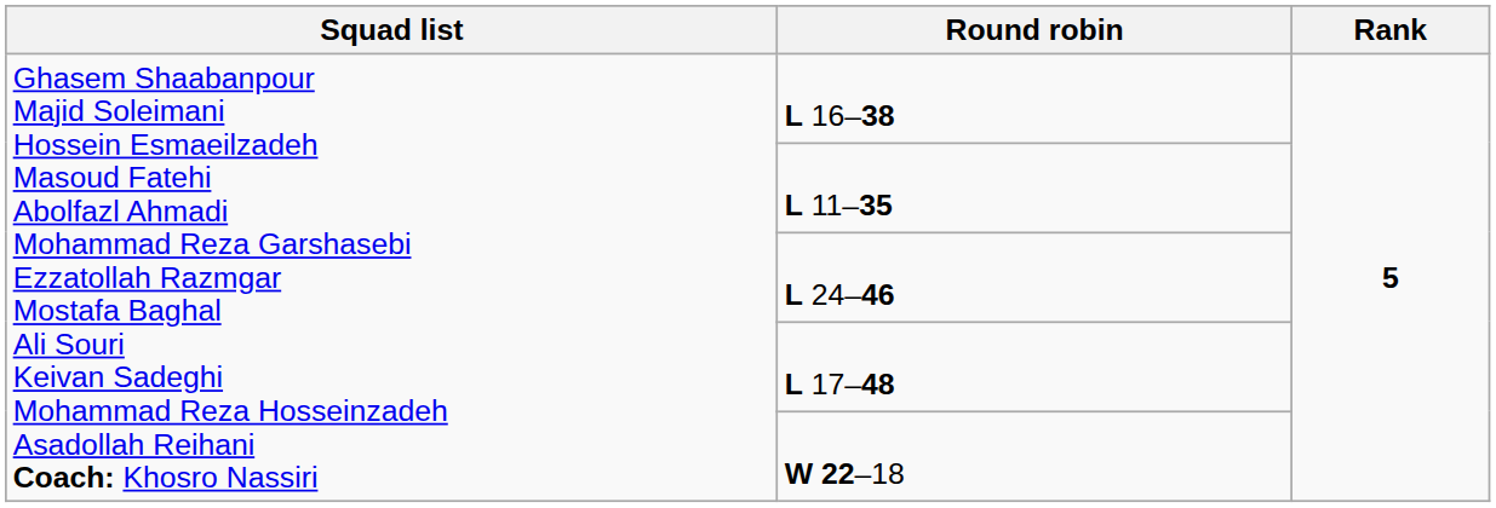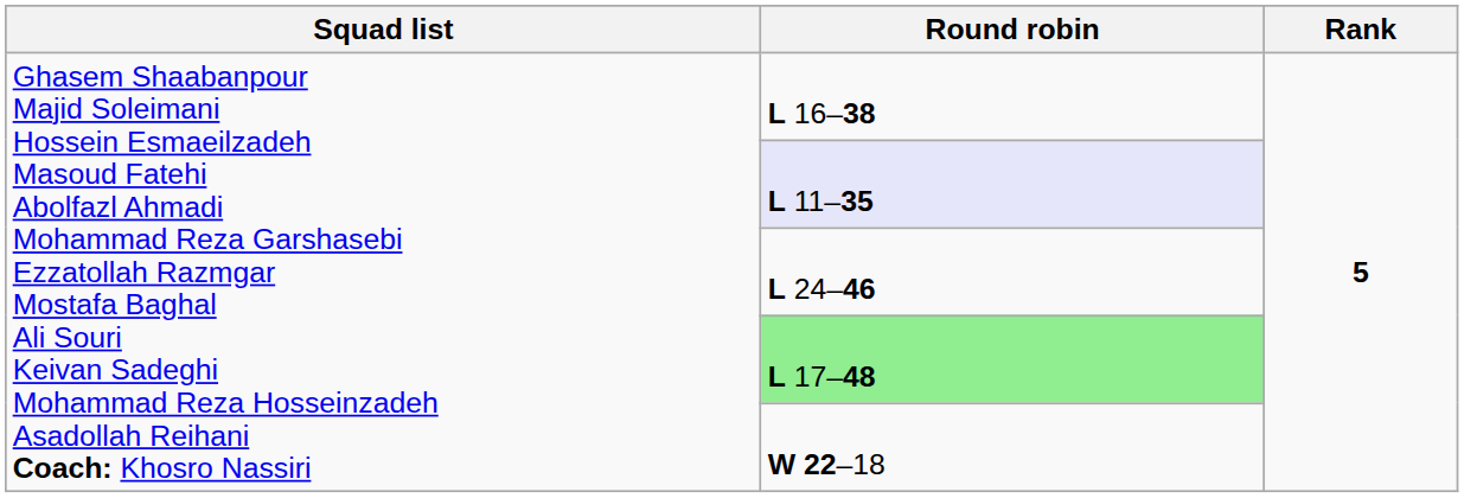 <table class="wikitable" width="45%" style="text-align:left; font-size:90%">
 <tr>
 <th width="21%">Squad list</th>
 <th width="14%">Round robin</th>
 <th width="5%">Rank</th>
 </tr>
 <tr>
 <td rowspan="5"><a href='#'>Ghasem Shaabanpour</a><br> <a href='#'>Majid Soleimani</a><br> <a href='#'>Hossein Esmaeilzadeh</a><br> <a href='#'>Masoud Fatehi</a><br> <a href='#'>Abolfazl Ahmadi</a><br> <a href='#'>Mohammad Reza Garshasebi</a><br> <a href='#'>Ezzatollah Razmgar</a><br> <a href='#'>Mostafa Baghal</a><br> <a href='#'>Ali Souri</a><br> <a href='#'>Keivan Sadeghi</a><br> <a href='#'>Mohammad Reza Hosseinzadeh</a><br> <a href='#'>Asadollah Reihani</a><br> <strong>Coach:</strong> <a href='#'>Khosro Nassiri</a></td>
 <td><br><strong>L</strong> 16–<strong>38</strong></td>
 <td rowspan="5" align=center><strong>5</strong></td>
 </tr>
 <tr>
-<td><br><strong>L</strong> 11–<strong>35</strong></td>
+<td style="background: lavender;"><br><strong>L</strong> 11–<strong>35</strong></td>
 </tr>
 <tr>
 <td><br><strong>L</strong> 24–<strong>46</strong></td>
 </tr>
 <tr>
-<td><br><strong>L</strong> 17–<strong>48</strong></td>
+<td style="background: lightgreen;"><br><strong>L</strong> 17–<strong>48</strong></td>
 </tr>
 <tr>
 <td><br><strong>W</strong> <strong>22</strong>–18</td>
 </tr>
 </table>
